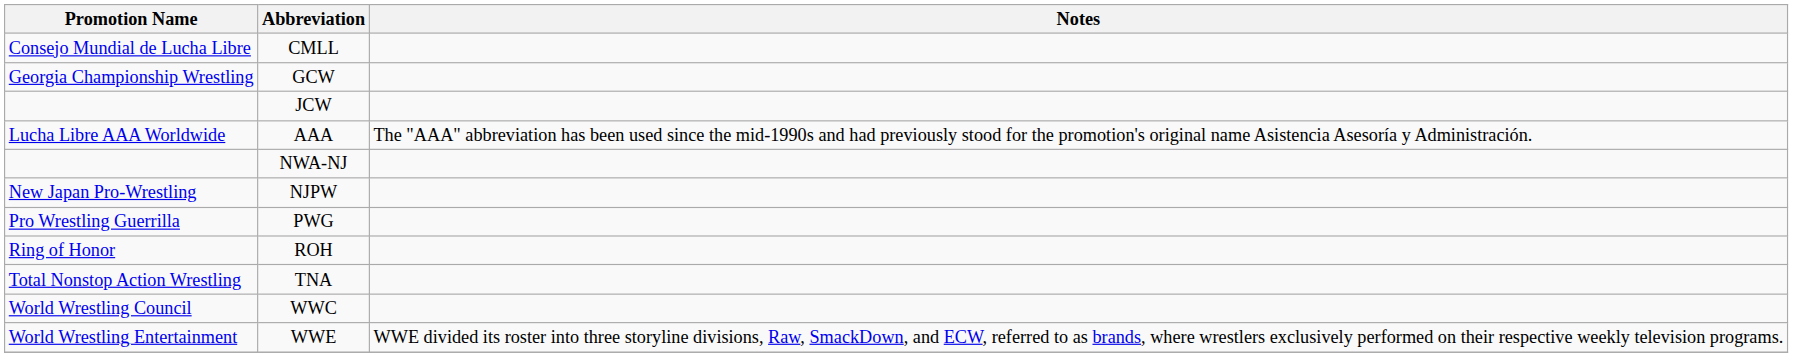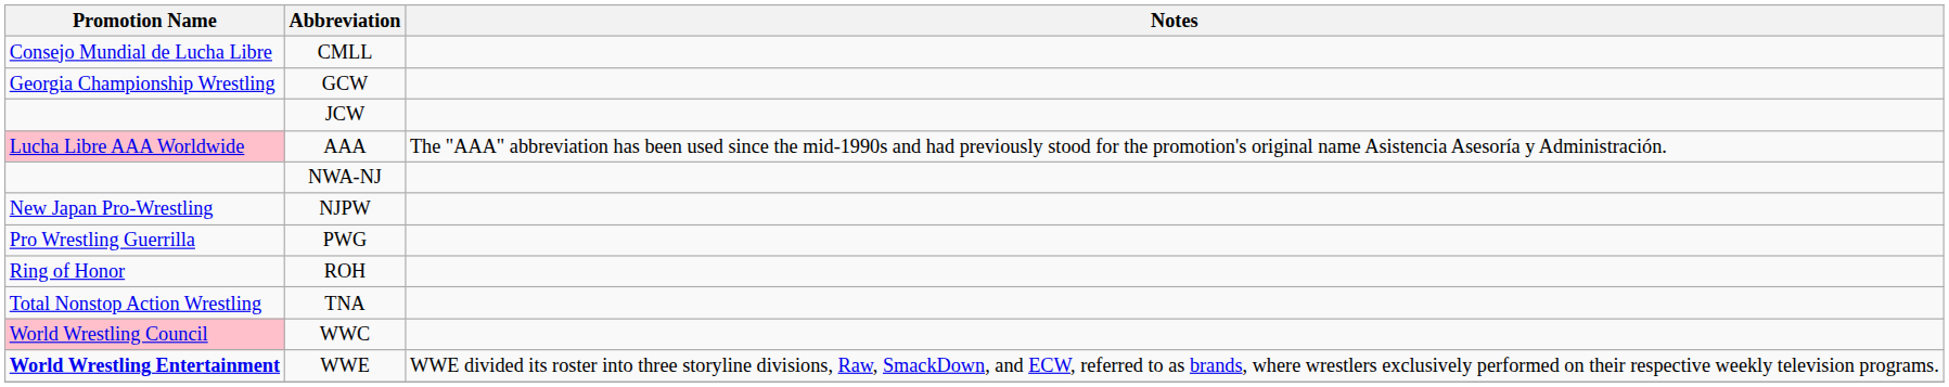 <table class="wikitable">
 <tr>
 <th>Promotion Name</th>
 <th>Abbreviation</th>
 <th>Notes</th>
 </tr>
 <tr>
 <td><a href='#'>Consejo Mundial de Lucha Libre</a></td>
 <td align=center>CMLL</td>
 <td></td>
 </tr>
 <tr>
 <td><a href='#'>Georgia Championship Wrestling</a></td>
 <td align=center>GCW</td>
 <td></td>
 </tr>
 <tr>
 <td></td>
 <td align=center>JCW</td>
 <td></td>
 </tr>
 <tr>
-<td><a href='#'>Lucha Libre AAA Worldwide</a></td>
+<td style="background: pink;"><a href='#'>Lucha Libre AAA Worldwide</a></td>
 <td align=center>AAA</td>
 <td>The "AAA" abbreviation has been used since the mid-1990s and had previously stood for the promotion's original name Asistencia Asesoría y Administración.</td>
 </tr>
 <tr>
 <td></td>
 <td align=center>NWA-NJ</td>
 <td></td>
 </tr>
 <tr>
 <td><a href='#'>New Japan Pro-Wrestling</a></td>
 <td align=center>NJPW</td>
 <td></td>
 </tr>
 <tr>
 <td><a href='#'>Pro Wrestling Guerrilla</a></td>
 <td align=center>PWG</td>
 <td></td>
 </tr>
 <tr>
 <td><a href='#'>Ring of Honor</a></td>
 <td align=center>ROH</td>
 <td></td>
 </tr>
 <tr>
 <td><a href='#'>Total Nonstop Action Wrestling</a></td>
 <td align=center>TNA</td>
 <td></td>
 </tr>
 <tr>
-<td><a href='#'>World Wrestling Council</a></td>
+<td style="background: pink;"><a href='#'>World Wrestling Council</a></td>
 <td align=center>WWC</td>
 <td></td>
 </tr>
 <tr>
-<td><a href='#'>World Wrestling Entertainment</a></td>
+<td><strong><a href='#'>World Wrestling Entertainment</a></strong></td>
 <td align=center>WWE</td>
 <td>WWE divided its roster into three storyline divisions, <a href='#'>Raw</a>, <a href='#'>SmackDown</a>, and <a href='#'>ECW</a>, referred to as <a href='#'>brands</a>, where wrestlers exclusively performed on their respective weekly television programs.</td>
 </tr>
 <tr>
 </tr>
 </table>
